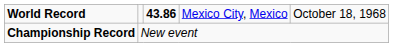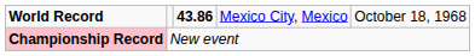 <table class="wikitable">
 <tr>
 <td><strong>World Record</strong></td>
 <td></td>
 <td><strong>43.86</strong></td>
 <td><a href='#'>Mexico City</a>, <a href='#'>Mexico</a></td>
 <td>October 18, 1968</td>
 </tr>
 <tr>
-<td><strong>Championship Record</strong></td>
+<td style="background: pink;"><strong>Championship Record</strong></td>
 <td colspan="4"><em>New event</em></td>
 </tr>
 </table>
